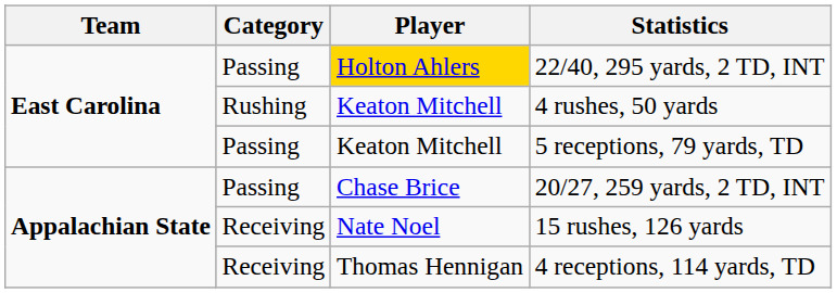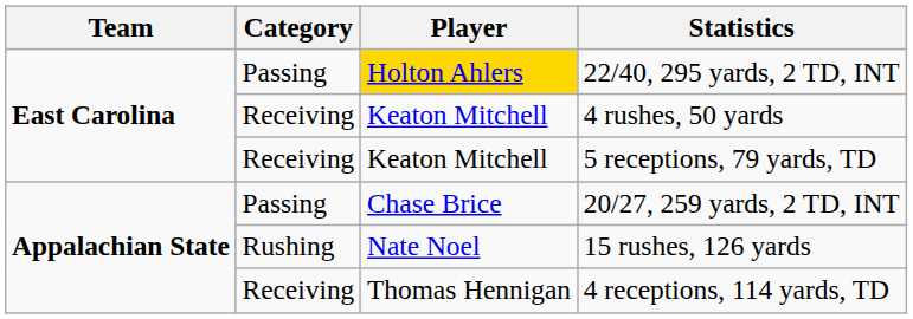 <table class="wikitable" style="float: left;">
 <tr>
 <th>Team</th>
 <th>Category</th>
 <th>Player</th>
 <th>Statistics</th>
 </tr>
 <tr>
 <td rowspan=3><strong>East Carolina</strong></td>
 <td>Passing</td>
 <td style="background: gold;"><a href='#'>Holton Ahlers</a></td>
 <td>22/40, 295 yards, 2 TD, INT</td>
 </tr>
 <tr>
-<td>Rushing</td>
+<td>Receiving</td>
 <td><a href='#'>Keaton Mitchell</a></td>
 <td>4 rushes, 50 yards</td>
 </tr>
 <tr>
-<td>Passing</td>
+<td>Receiving</td>
 <td>Keaton Mitchell</td>
 <td>5 receptions, 79 yards, TD</td>
 </tr>
 <tr>
 <td rowspan=3><strong>Appalachian State</strong></td>
 <td>Passing</td>
 <td><a href='#'>Chase Brice</a></td>
 <td>20/27, 259 yards, 2 TD, INT</td>
 </tr>
 <tr>
-<td>Receiving</td>
+<td>Rushing</td>
 <td><a href='#'>Nate Noel</a></td>
 <td>15 rushes, 126 yards</td>
 </tr>
 <tr>
 <td>Receiving</td>
 <td>Thomas Hennigan</td>
 <td>4 receptions, 114 yards, TD</td>
 </tr>
 </table>
